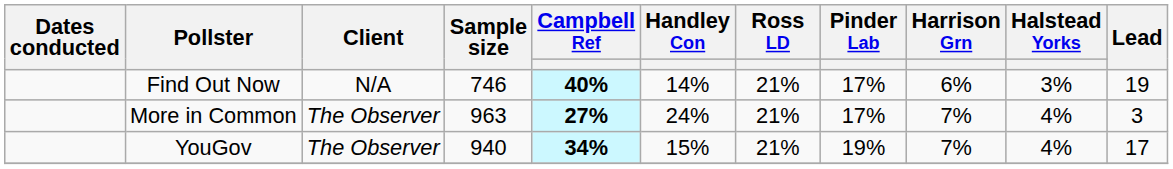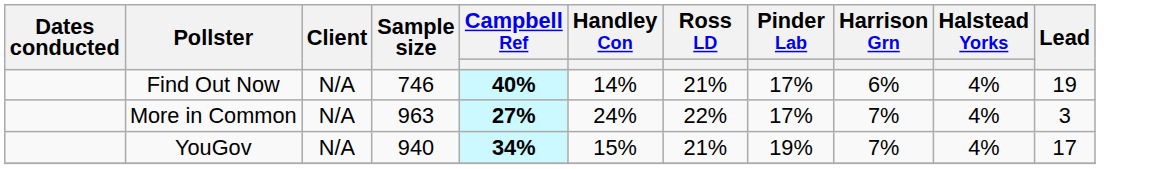 <table class="wikitable sortable  mw-datatable" style="text-align:center; font-size:90%; line-height:14px;">
 <tr>
 <th rowspan="2">Dates<br>conducted</th>
 <th rowspan="2">Pollster</th>
 <th rowspan="2">Client</th>
 <th rowspan="2" data-sort-type="number">Sample<br>size</th>
 <th class="unsortable" style="width:50px;"><a href='#'>Campbell</a><br> <small><a href='#'>Ref</a></small></th>
 <th class="unsortable" style="width:50px;">Handley<br><small><a href='#'>Con</a></small></th>
 <th class="unsortable" style="width:50px;">Ross<br><small><a href='#'>LD</a></small></th>
 <th class="unsortable" style="width:50px;">Pinder<br><small><a href='#'>Lab</a></small></th>
 <th class="unsortable" style="width:50px;">Harrison<br><small><a href='#'>Grn</a></small></th>
 <th class="unsortable" style="width:50px;">Halstead<br><small><a href='#'>Yorks</a></small></th>
 <th rowspan="2" data-sort-type="number">Lead</th>
 </tr>
 <tr>
 <th data-sort-type="number" style="background:"></th>
 <th data-sort-type="number" style="background:"></th>
 <th data-sort-type="number" style="background:"></th>
 <th data-sort-type="number" style="background:"></th>
 <th data-sort-type="number" style="background:"></th>
 <th data-sort-type="number" style="background:"></th>
 </tr>
 <tr>
 <td></td>
 <td>Find Out Now</td>
 <td>N/A</td>
 <td>746</td>
 <td style="background:#ccf8ff; color: black;"><strong>40%</strong></td>
 <td>14%</td>
 <td>21%</td>
 <td>17%</td>
 <td>6%</td>
-<td>3%</td>
+<td>4%</td>
 <td style="background:">19</td>
 </tr>
 <tr>
 <td></td>
 <td>More in Common</td>
-<td><em>The Observer</em></td>
+<td>N/A</td>
 <td>963</td>
 <td style="background:#ccf8ff; color: black;"><strong>27%</strong></td>
 <td>24%</td>
-<td>21%</td>
+<td>22%</td>
 <td>17%</td>
 <td>7%</td>
 <td>4%</td>
 <td style="background:">3</td>
 </tr>
 <tr>
 <td></td>
 <td>YouGov</td>
-<td><em>The Observer</em></td>
+<td>N/A</td>
 <td>940</td>
 <td style="background:#ccf8ff; color:black;"><strong>34%</strong></td>
 <td>15%</td>
 <td>21%</td>
 <td>19%</td>
 <td>7%</td>
 <td>4%</td>
 <td style="background:">17</td>
 </tr>
 <tr>
 </tr>
 </table>
